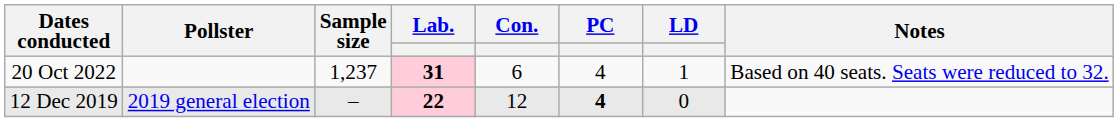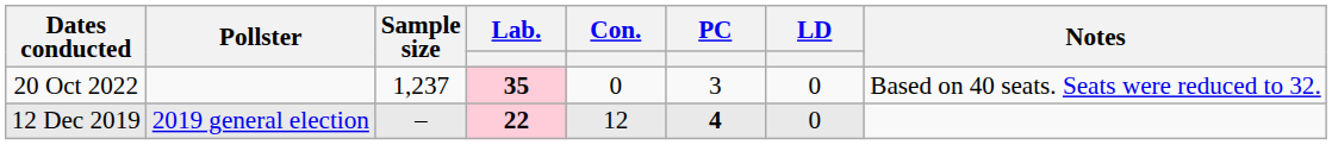 <table class="wikitable sortable" style="text-align:center; font-size:90%; line-height:14px;">
 <tr>
 <th rowspan="2">Dates <br>conducted</th>
 <th rowspan="2">Pollster</th>
 <th data-sort-type="number" rowspan="2">Sample <br>size</th>
 <th class="unsortable" style="width:50px;"><a href='#'>Lab.</a></th>
 <th class="unsortable" style="width:50px;"><a href='#'>Con.</a></th>
 <th class="unsortable" style="width:50px;"><a href='#'>PC</a></th>
 <th class="unsortable" style="width:50px;"><a href='#'>LD</a></th>
 <th rowspan="2">Notes</th>
 </tr>
 <tr>
 <th data-sort-type="number" style="background:"></th>
 <th data-sort-type="number" style="background:"></th>
 <th data-sort-type="number" style="background:"></th>
 <th data-sort-type="number" style="background:"></th>
 </tr>
 <tr>
 <td data-sort-value="2022-10-20">20 Oct 2022</td>
 <td></td>
 <td>1,237</td>
-<td style="background:#FFCCD9;"><strong>31</strong></td>
-<td>6</td>
-<td>4</td>
-<td>1</td>
+<td style="background:#FFCCD9;"><strong>35</strong></td>
+<td>0</td>
+<td>3</td>
+<td>0</td>
 <td>Based on 40 seats. <a href='#'>Seats were reduced to 32.</a></td>
 </tr>
 <tr style="background:#E9E9E9;">
 <td data-sort-value="2019-12-12">12 Dec 2019</td>
 <td><a href='#'>2019 general election</a></td>
 <td>–</td>
 <td style="background:#FFCCD9;"><strong>22</strong></td>
 <td>12</td>
 <td><strong>4</strong></td>
 <td>0</td>
 </tr>
 </table>
